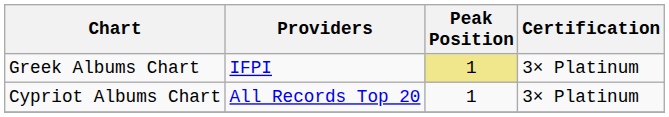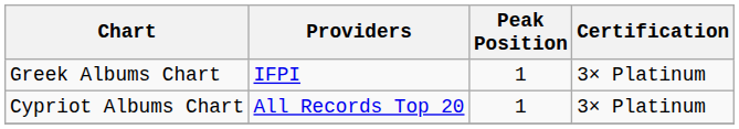 <table class="wikitable">
 <tr>
 <th align="left">Chart</th>
 <th align="left">Providers</th>
 <th align="left">Peak<br>Position</th>
 <th align="left">Certification</th>
 </tr>
 <tr>
 <td align="left">Greek Albums Chart</td>
 <td align="left"><a href='#'>IFPI</a></td>
-<td align="center" style="background: khaki;">1</td>
+<td align="center">1</td>
 <td align="left">3× Platinum</td>
 </tr>
 <tr>
 <td align="left">Cypriot Albums Chart</td>
 <td align="left"><a href='#'>All Records Top 20</a></td>
 <td align="center">1</td>
 <td align="left">3× Platinum</td>
 </tr>
 <tr>
 </tr>
 </table>
